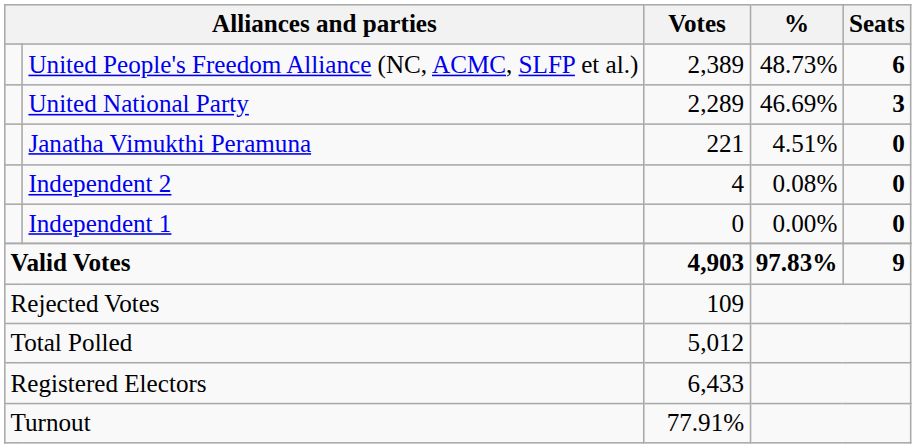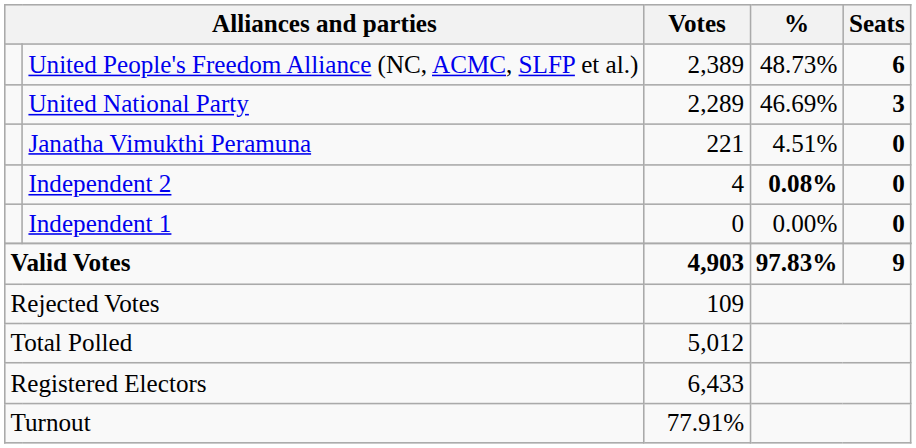 <table class="wikitable" border="1" style="text-align:right;">
 <tr>
 <th valign=bottom align=left colspan=2>Alliances and parties</th>
 <th valign=bottom align=center width="60">Votes</th>
 <th valign=bottom align=center width="50">%</th>
 <th valign=bottom align=center>Seats</th>
 </tr>
 <tr>
 <td bgcolor=> </td>
 <td align=left><a href='#'>United People's Freedom Alliance</a> (NC, <a href='#'>ACMC</a>, <a href='#'>SLFP</a> et al.)</td>
 <td>2,389</td>
 <td>48.73%</td>
 <td><strong>6</strong></td>
 </tr>
 <tr>
 <td bgcolor=> </td>
 <td align=left><a href='#'>United National Party</a></td>
 <td>2,289</td>
 <td>46.69%</td>
 <td><strong>3</strong></td>
 </tr>
 <tr>
 <td bgcolor=> </td>
 <td align=left><a href='#'>Janatha Vimukthi Peramuna</a></td>
 <td>221</td>
 <td>4.51%</td>
 <td><strong>0</strong></td>
 </tr>
 <tr>
 <td></td>
 <td align=left><a href='#'>Independent 2</a></td>
 <td>4</td>
-<td>0.08%</td>
+<td><strong>0.08%</strong></td>
 <td><strong>0</strong></td>
 </tr>
 <tr>
 <td></td>
 <td align=left><a href='#'>Independent 1</a></td>
 <td>0</td>
 <td>0.00%</td>
 <td><strong>0</strong></td>
 </tr>
 <tr>
 </tr>
 <tr>
 <td colspan=2 align=left><strong>Valid Votes</strong></td>
 <td><strong>4,903</strong></td>
 <td><strong>97.83%</strong></td>
 <td><strong>9</strong></td>
 </tr>
 <tr>
 <td colspan=2 align=left>Rejected Votes</td>
 <td>109</td>
 <td colspan=2></td>
 </tr>
 <tr>
 <td colspan=2 align=left>Total Polled</td>
 <td>5,012</td>
 <td colspan=2></td>
 </tr>
 <tr>
 <td colspan=2 align=left>Registered Electors</td>
 <td>6,433</td>
 <td colspan=2></td>
 </tr>
 <tr>
 <td colspan=2 align=left>Turnout</td>
 <td>77.91%</td>
 <td colspan=2></td>
 </tr>
 </table>
